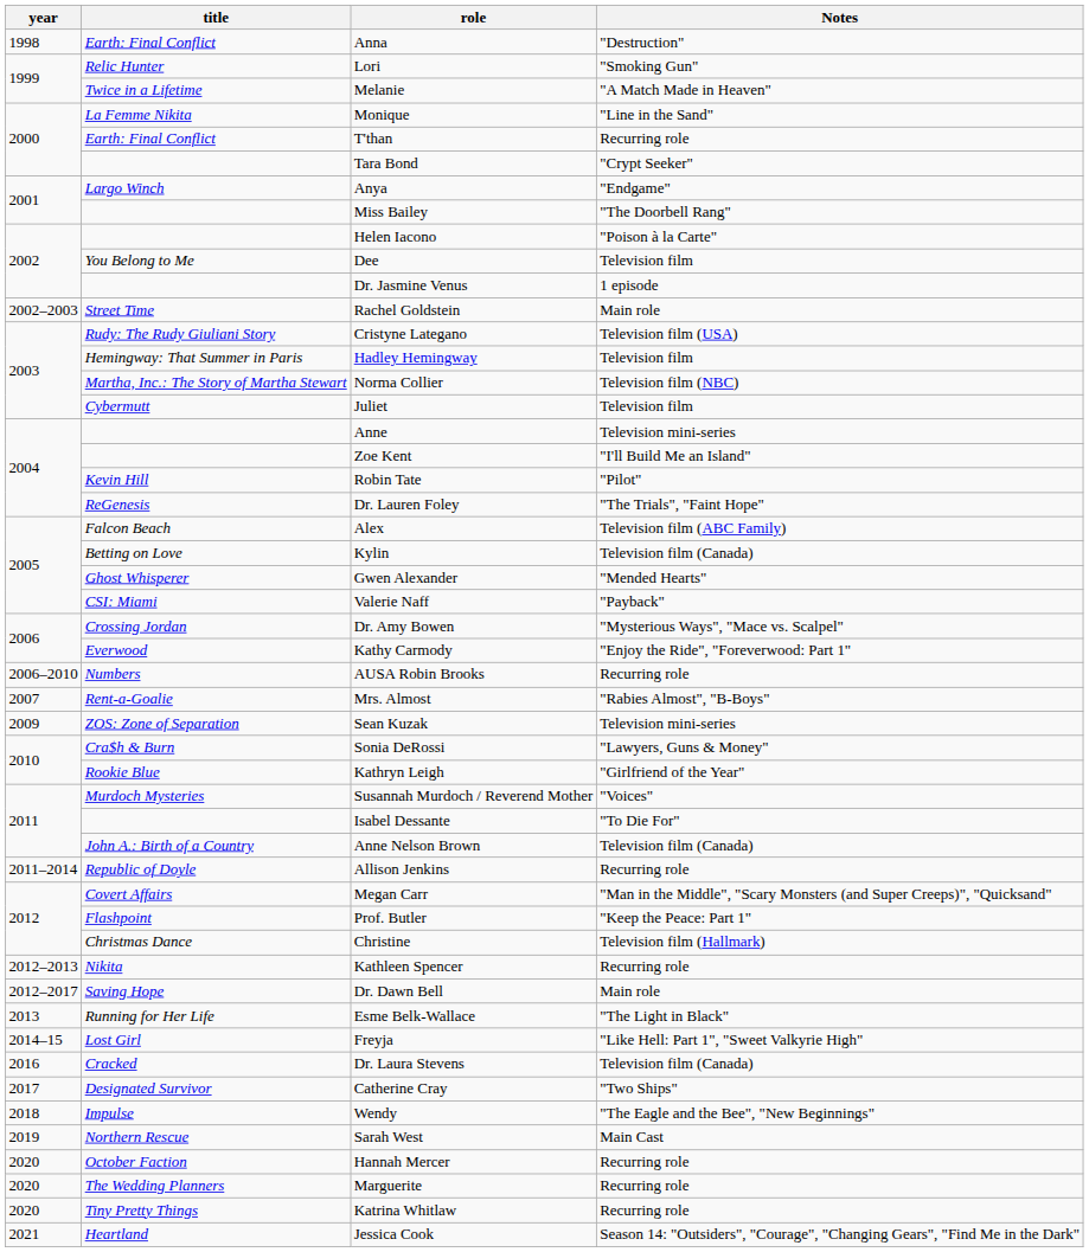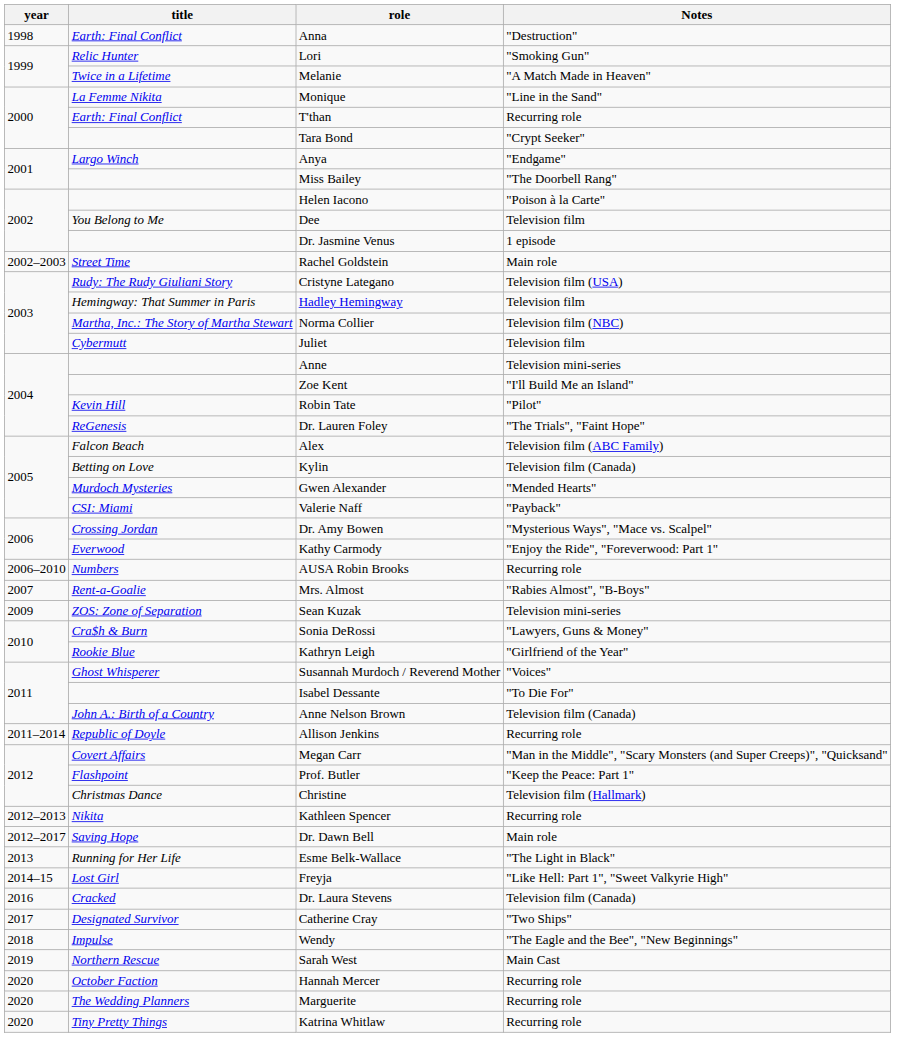 <table class="wikitable sortable">
 <tr>
 <th>year</th>
 <th>title</th>
 <th>role</th>
 <th class="unsortable">Notes</th>
 </tr>
 <tr>
 <td>1998</td>
 <td><em><a href='#'>Earth: Final Conflict</a></em></td>
 <td>Anna</td>
 <td>"Destruction"</td>
 </tr>
 <tr>
 <td rowspan="2'">1999</td>
 <td><em><a href='#'>Relic Hunter</a></em></td>
 <td>Lori</td>
 <td>"Smoking Gun"</td>
 </tr>
 <tr>
 <td><em><a href='#'>Twice in a Lifetime</a></em></td>
 <td>Melanie</td>
 <td>"A Match Made in Heaven"</td>
 </tr>
 <tr>
 <td rowspan="3'">2000</td>
 <td><em><a href='#'>La Femme Nikita</a></em></td>
 <td>Monique</td>
 <td>"Line in the Sand"</td>
 </tr>
 <tr>
 <td><em><a href='#'>Earth: Final Conflict</a></em></td>
 <td>T'than</td>
 <td>Recurring role</td>
 </tr>
 <tr>
 <td><em></em></td>
 <td>Tara Bond</td>
 <td>"Crypt Seeker"</td>
 </tr>
 <tr>
 <td rowspan="2">2001</td>
 <td><em><a href='#'>Largo Winch</a></em></td>
 <td>Anya</td>
 <td>"Endgame"</td>
 </tr>
 <tr>
 <td><em></em></td>
 <td>Miss Bailey</td>
 <td>"The Doorbell Rang"</td>
 </tr>
 <tr>
 <td rowspan="3">2002</td>
 <td><em></em></td>
 <td>Helen Iacono</td>
 <td>"Poison à la Carte"</td>
 </tr>
 <tr>
 <td><em>You Belong to Me</em></td>
 <td>Dee</td>
 <td>Television film</td>
 </tr>
 <tr>
 <td><em></em></td>
 <td>Dr. Jasmine Venus</td>
 <td>1 episode</td>
 </tr>
 <tr>
 <td>2002–2003</td>
 <td><em><a href='#'>Street Time</a></em></td>
 <td>Rachel Goldstein</td>
 <td>Main role</td>
 </tr>
 <tr>
 <td rowspan="4">2003</td>
 <td><em><a href='#'>Rudy: The Rudy Giuliani Story</a></em></td>
 <td>Cristyne Lategano</td>
 <td>Television film (<a href='#'>USA</a>)</td>
 </tr>
 <tr>
 <td><em>Hemingway: That Summer in Paris</em></td>
 <td><a href='#'>Hadley Hemingway</a></td>
 <td>Television film</td>
 </tr>
 <tr>
 <td><em><a href='#'>Martha, Inc.: The Story of Martha Stewart</a></em></td>
 <td>Norma Collier</td>
 <td>Television film (<a href='#'>NBC</a>)</td>
 </tr>
 <tr>
 <td><em><a href='#'>Cybermutt</a></em></td>
 <td>Juliet</td>
 <td>Television film</td>
 </tr>
 <tr>
 <td rowspan="4">2004</td>
 <td><em></em></td>
 <td>Anne</td>
 <td>Television mini-series</td>
 </tr>
 <tr>
 <td><em></em></td>
 <td>Zoe Kent</td>
 <td>"I'll Build Me an Island"</td>
 </tr>
 <tr>
 <td><em><a href='#'>Kevin Hill</a></em></td>
 <td>Robin Tate</td>
 <td>"Pilot"</td>
 </tr>
 <tr>
 <td><em><a href='#'>ReGenesis</a></em></td>
 <td>Dr. Lauren Foley</td>
 <td>"The Trials", "Faint Hope"</td>
 </tr>
 <tr>
 <td rowspan="4">2005</td>
 <td><em>Falcon Beach</em></td>
 <td>Alex</td>
 <td>Television film (<a href='#'>ABC Family</a>)</td>
 </tr>
 <tr>
 <td><em>Betting on Love</em></td>
 <td>Kylin</td>
 <td>Television film (Canada)</td>
 </tr>
 <tr>
-<td><em><a href='#'>Ghost Whisperer</a></em></td>
+<td><em><a href='#'>Murdoch Mysteries</a></em></td>
 <td>Gwen Alexander</td>
 <td>"Mended Hearts"</td>
 </tr>
 <tr>
 <td><em><a href='#'>CSI: Miami</a></em></td>
 <td>Valerie Naff</td>
 <td>"Payback"</td>
 </tr>
 <tr>
 <td rowspan="2">2006</td>
 <td><em><a href='#'>Crossing Jordan</a></em></td>
 <td>Dr. Amy Bowen</td>
 <td>"Mysterious Ways", "Mace vs. Scalpel"</td>
 </tr>
 <tr>
 <td><em><a href='#'>Everwood</a></em></td>
 <td>Kathy Carmody</td>
 <td>"Enjoy the Ride", "Foreverwood: Part 1"</td>
 </tr>
 <tr>
 <td>2006–2010</td>
 <td><em><a href='#'>Numbers</a></em></td>
 <td>AUSA Robin Brooks</td>
 <td>Recurring role</td>
 </tr>
 <tr>
 <td>2007</td>
 <td><em><a href='#'>Rent-a-Goalie</a></em></td>
 <td>Mrs. Almost</td>
 <td>"Rabies Almost", "B-Boys"</td>
 </tr>
 <tr>
 <td>2009</td>
 <td><em><a href='#'>ZOS: Zone of Separation</a></em></td>
 <td>Sean Kuzak</td>
 <td>Television mini-series</td>
 </tr>
 <tr>
 <td rowspan="2">2010</td>
 <td><em><a href='#'>Cra$h & Burn</a></em></td>
 <td>Sonia DeRossi</td>
 <td>"Lawyers, Guns & Money"</td>
 </tr>
 <tr>
 <td><em><a href='#'>Rookie Blue</a></em></td>
 <td>Kathryn Leigh</td>
 <td>"Girlfriend of the Year"</td>
 </tr>
 <tr>
 <td rowspan="3">2011</td>
-<td><em><a href='#'>Murdoch Mysteries</a></em></td>
+<td><em><a href='#'>Ghost Whisperer</a></em></td>
 <td>Susannah Murdoch / Reverend Mother</td>
 <td>"Voices"</td>
 </tr>
 <tr>
 <td><em></em></td>
 <td>Isabel Dessante</td>
 <td>"To Die For"</td>
 </tr>
 <tr>
 <td><em><a href='#'>John A.: Birth of a Country</a></em></td>
 <td>Anne Nelson Brown</td>
 <td>Television film (Canada)</td>
 </tr>
 <tr>
 <td>2011–2014</td>
 <td><em><a href='#'>Republic of Doyle</a></em></td>
 <td>Allison Jenkins</td>
 <td>Recurring role</td>
 </tr>
 <tr>
 <td rowspan="3">2012</td>
 <td><em><a href='#'>Covert Affairs</a></em></td>
 <td>Megan Carr</td>
 <td>"Man in the Middle", "Scary Monsters (and Super Creeps)", "Quicksand"</td>
 </tr>
 <tr>
 <td><em><a href='#'>Flashpoint</a></em></td>
 <td>Prof. Butler</td>
 <td>"Keep the Peace: Part 1"</td>
 </tr>
 <tr>
 <td><em>Christmas Dance</em></td>
 <td>Christine</td>
 <td>Television film (<a href='#'>Hallmark</a>)</td>
 </tr>
 <tr>
 <td>2012–2013</td>
 <td><em><a href='#'>Nikita</a></em></td>
 <td>Kathleen Spencer</td>
 <td>Recurring role</td>
 </tr>
 <tr>
 <td>2012–2017</td>
 <td><em><a href='#'>Saving Hope</a></em></td>
 <td>Dr. Dawn Bell</td>
 <td>Main role</td>
 </tr>
 <tr>
 <td>2013</td>
 <td><em>Running for Her Life</em></td>
 <td>Esme Belk-Wallace</td>
 <td>"The Light in Black"</td>
 </tr>
 <tr>
 <td>2014–15</td>
 <td><em><a href='#'>Lost Girl</a></em></td>
 <td>Freyja</td>
 <td>"Like Hell: Part 1", "Sweet Valkyrie High"</td>
 </tr>
 <tr>
 <td>2016</td>
 <td><em><a href='#'>Cracked</a></em></td>
 <td>Dr. Laura Stevens</td>
 <td>Television film (Canada)</td>
 </tr>
 <tr>
 <td>2017</td>
 <td><em><a href='#'>Designated Survivor</a></em></td>
 <td>Catherine Cray</td>
 <td>"Two Ships"</td>
 </tr>
 <tr>
 <td>2018</td>
 <td><em><a href='#'>Impulse</a></em></td>
 <td>Wendy</td>
 <td>"The Eagle and the Bee", "New Beginnings"</td>
 </tr>
 <tr>
 <td>2019</td>
 <td><em><a href='#'>Northern Rescue</a></em></td>
 <td>Sarah West</td>
 <td>Main Cast</td>
 </tr>
 <tr>
 <td>2020</td>
 <td><em><a href='#'>October Faction</a></em></td>
 <td>Hannah Mercer</td>
 <td>Recurring role</td>
 </tr>
 <tr>
 <td>2020</td>
 <td><em><a href='#'>The Wedding Planners</a></em></td>
 <td>Marguerite</td>
 <td>Recurring role</td>
 </tr>
 <tr>
 <td>2020</td>
 <td><em><a href='#'>Tiny Pretty Things</a></em></td>
 <td>Katrina Whitlaw</td>
 <td>Recurring role</td>
 </tr>
-<tr>
-<td>2021</td>
-<td><em><a href='#'>Heartland</a></em></td>
-<td>Jessica Cook</td>
-<td>Season 14: "Outsiders", "Courage", "Changing Gears", "Find Me in the Dark"</td>
-</tr>
 </table>
